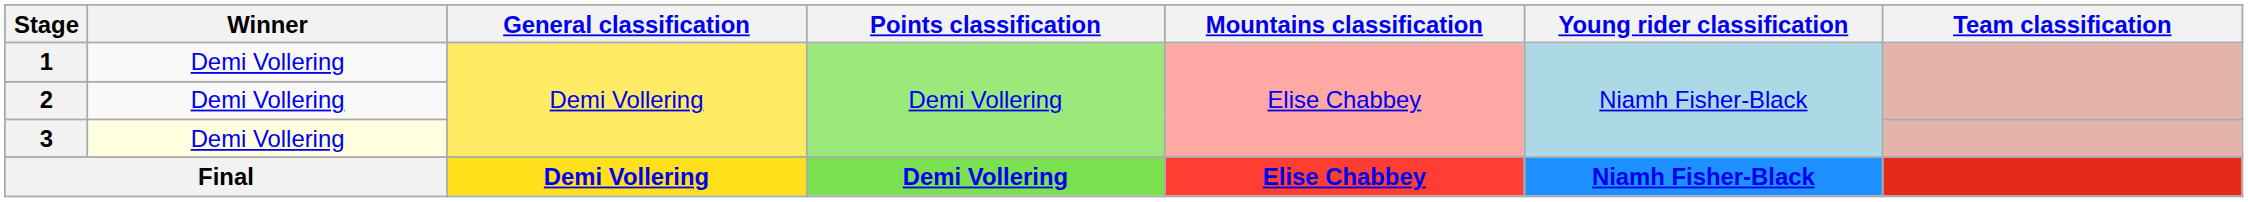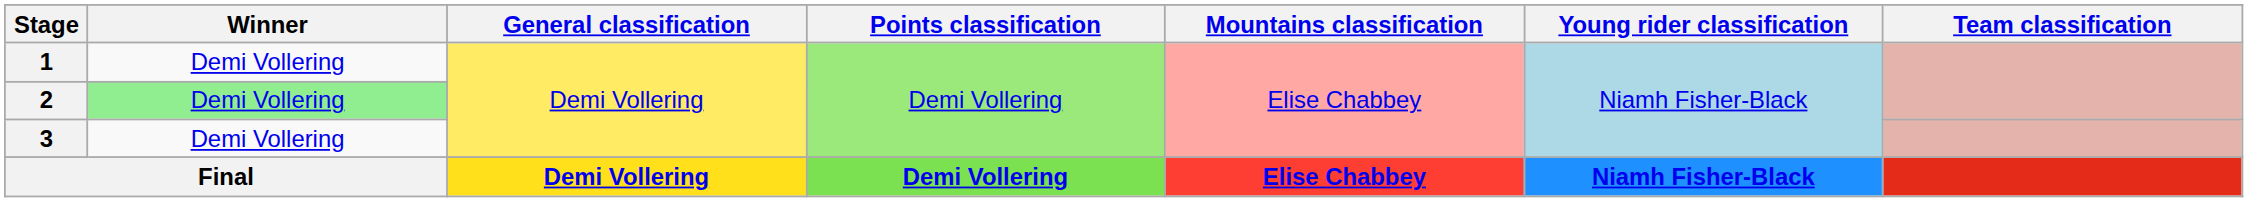 <table class="wikitable" style="text-align: center; font-size:smaller;">
 <tr style="background:#efefef;">
 <th style="width:1%;">Stage</th>
 <th style="width:12.25%;">Winner</th>
 <th style="width:12.25%;"><a href='#'>General classification</a><br></th>
 <th style="width:12.25%;"><a href='#'>Points classification</a><br></th>
 <th style="width:12.25%;"><a href='#'>Mountains classification</a><br></th>
 <th style="width:12.25%;"><a href='#'>Young rider classification</a><br></th>
 <th style="width:12.25%;"><a href='#'>Team classification</a><br></th>
 </tr>
 <tr>
 <th>1</th>
 <td><a href='#'>Demi Vollering</a></td>
 <td style="background:#FFEB64;" rowspan="3"><a href='#'>Demi Vollering</a></td>
 <td style="background:#9CE97B;" rowspan="3"><a href='#'>Demi Vollering</a></td>
 <td style="background:#FFA8A4;" rowspan="3"><a href='#'>Elise Chabbey</a></td>
 <td style="background:lightblue;" rowspan="3"><a href='#'>Niamh Fisher-Black</a></td>
 <td style="background:#E4B3AB;" rowspan="2"></td>
 </tr>
 <tr>
 <th>2</th>
-<td><a href='#'>Demi Vollering</a></td>
+<td style="background: lightgreen;"><a href='#'>Demi Vollering</a></td>
 </tr>
 <tr>
 <th>3</th>
-<td style="background: lightyellow;"><a href='#'>Demi Vollering</a></td>
+<td><a href='#'>Demi Vollering</a></td>
 <td style="background:#E4B3AB;" rowspan="1"></td>
 </tr>
 <tr>
 <th colspan="2">Final</th>
 <th style="background:#FFE01A;"><a href='#'>Demi Vollering</a></th>
 <th style="background:#7CE151;"><a href='#'>Demi Vollering</a></th>
 <th style="background:#FF3E33;"><a href='#'>Elise Chabbey</a></th>
 <th style="background:dodgerblue;"><a href='#'>Niamh Fisher-Black</a></th>
 <th style="background:#E42A19;"></th>
 </tr>
 </table>
